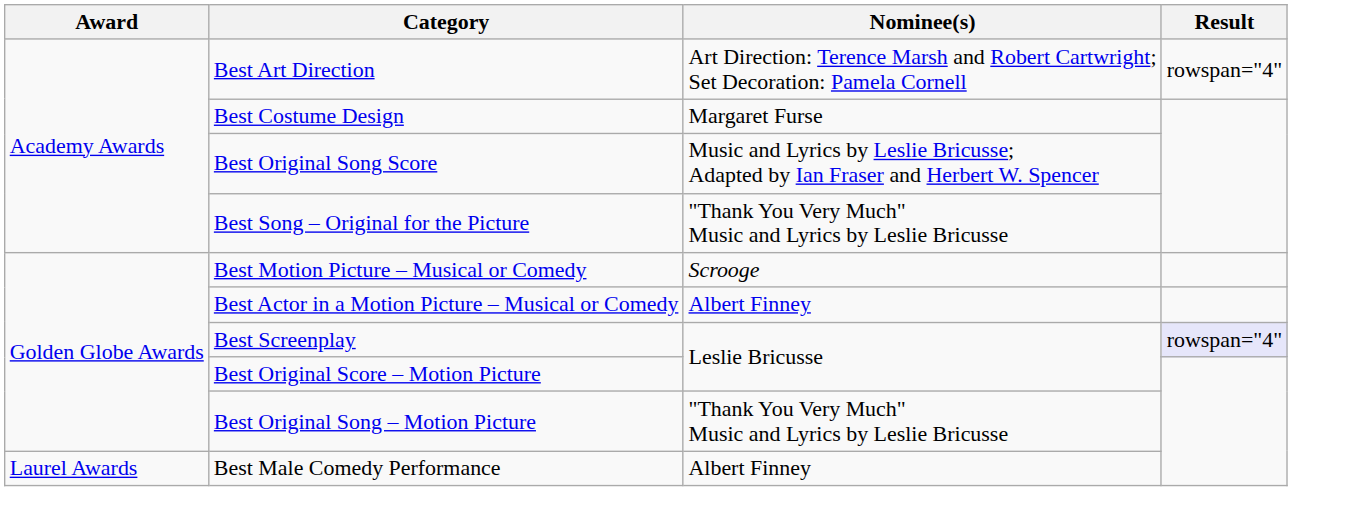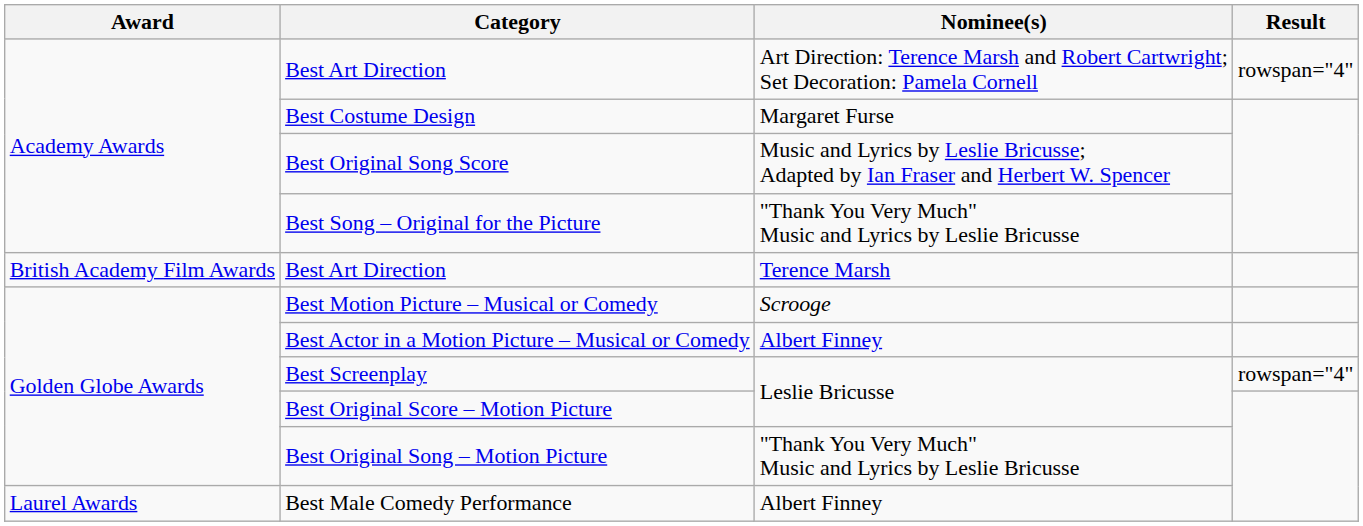 <table class="wikitable plainrowheaders">
 <tr>
 <th>Award</th>
 <th>Category</th>
 <th>Nominee(s)</th>
 <th>Result</th>
 </tr>
 <tr>
 <td rowspan="4"><a href='#'>Academy Awards</a></td>
 <td><a href='#'>Best Art Direction</a></td>
 <td>Art Direction: <a href='#'>Terence Marsh</a> and <a href='#'>Robert Cartwright</a>; <br> Set Decoration: <a href='#'>Pamela Cornell</a></td>
 <td>rowspan="4" </td>
 </tr>
 <tr>
 <td><a href='#'>Best Costume Design</a></td>
 <td>Margaret Furse</td>
 </tr>
 <tr>
 <td><a href='#'>Best Original Song Score</a></td>
 <td>Music and Lyrics by <a href='#'>Leslie Bricusse</a>; <br> Adapted by <a href='#'>Ian Fraser</a> and <a href='#'>Herbert W. Spencer</a></td>
 </tr>
 <tr>
 <td><a href='#'>Best Song – Original for the Picture</a></td>
 <td>"Thank You Very Much" <br> Music and Lyrics by Leslie Bricusse</td>
 </tr>
 <tr>
+<td><a href='#'>British Academy Film Awards</a></td>
+<td><a href='#'>Best Art Direction</a></td>
+<td><a href='#'>Terence Marsh</a></td>
+<td></td>
+</tr>
+<tr>
 <td rowspan="5"><a href='#'>Golden Globe Awards</a></td>
 <td><a href='#'>Best Motion Picture – Musical or Comedy</a></td>
 <td><em>Scrooge</em></td>
 <td></td>
 </tr>
 <tr>
 <td><a href='#'>Best Actor in a Motion Picture – Musical or Comedy</a></td>
 <td><a href='#'>Albert Finney</a></td>
 <td></td>
 </tr>
 <tr>
 <td><a href='#'>Best Screenplay</a></td>
 <td rowspan="2">Leslie Bricusse</td>
-<td style="background: lavender;">rowspan="4" </td>
+<td>rowspan="4" </td>
 </tr>
 <tr>
 <td><a href='#'>Best Original Score – Motion Picture</a></td>
 </tr>
 <tr>
 <td><a href='#'>Best Original Song – Motion Picture</a></td>
 <td>"Thank You Very Much" <br> Music and Lyrics by Leslie Bricusse</td>
 </tr>
 <tr>
 <td><a href='#'>Laurel Awards</a></td>
 <td>Best Male Comedy Performance</td>
 <td>Albert Finney</td>
 </tr>
 </table>
